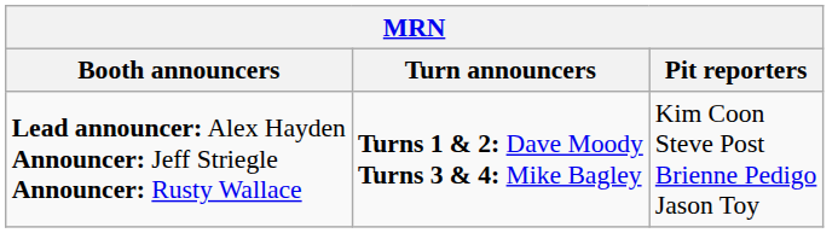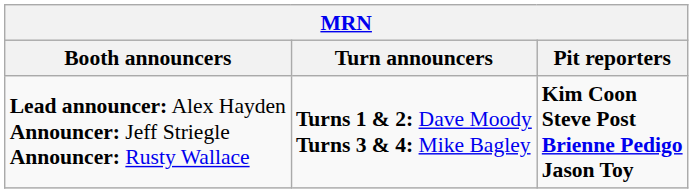 <table class="wikitable" style="font-size: 95%;">
 <tr>
 <th colspan="3"><a href='#'>MRN</a></th>
 </tr>
 <tr>
 <th>Booth announcers</th>
 <th>Turn announcers</th>
 <th>Pit reporters</th>
 </tr>
 <tr>
 <td><strong>Lead announcer:</strong> Alex Hayden<br><strong>Announcer:</strong> Jeff Striegle<br><strong>Announcer:</strong> <a href='#'>Rusty Wallace</a></td>
 <td><strong>Turns 1 & 2:</strong> <a href='#'>Dave Moody</a><br><strong>Turns 3 & 4:</strong> <a href='#'>Mike Bagley</a></td>
-<td>Kim Coon<br>Steve Post<br><a href='#'>Brienne Pedigo</a><br>Jason Toy</td>
+<td><strong>Kim Coon<br>Steve Post<br><a href='#'>Brienne Pedigo</a><br>Jason Toy</strong></td>
 </tr>
 </table>
